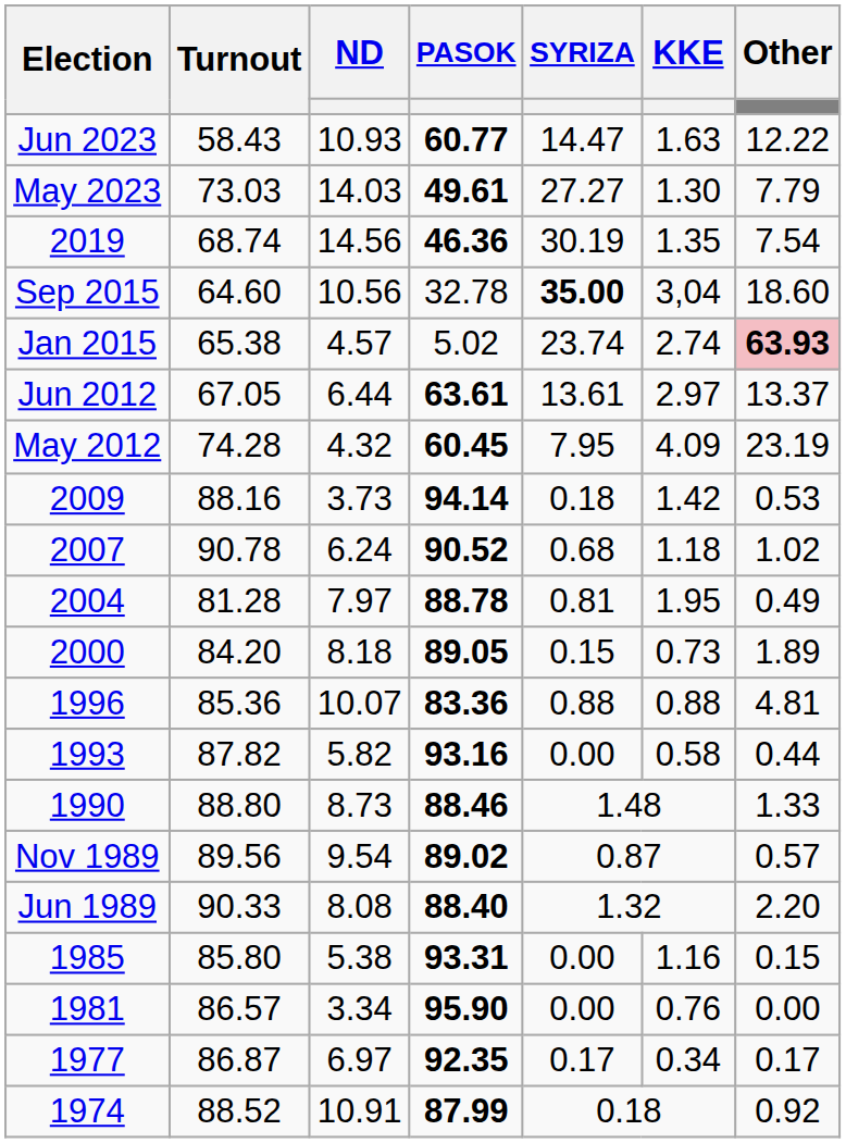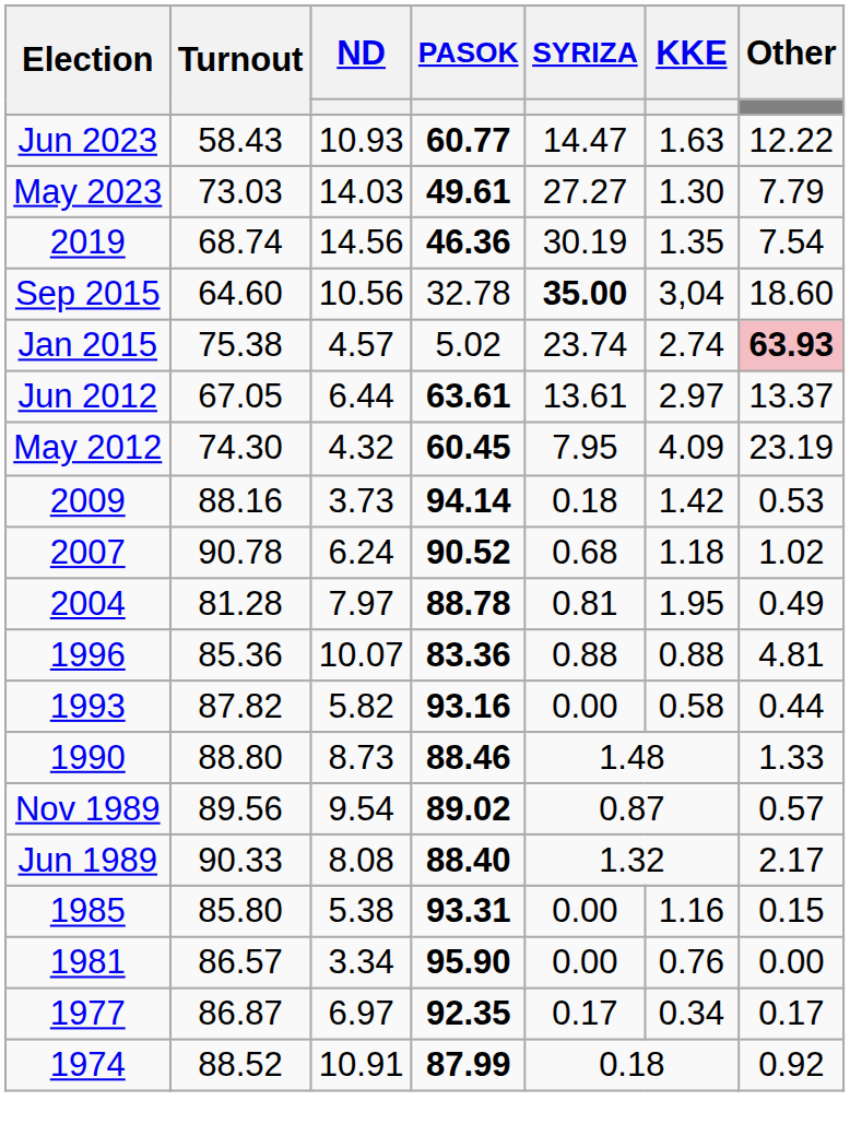 <table class="wikitable collapsible" style="text-align:center; font-size:95%; line-height:16px;">
 <tr style="height:42px;">
 <th rowspan="2">Election</th>
 <th rowspan="2" style="width:50px;">Turnout</th>
 <th style="width:35px;"><a href='#'>ND</a></th>
 <th style="width:35px; font-size:85%;"><a href='#'>PASOK</a></th>
 <th style="width:35px; font-size:85%;"><a href='#'>SYRIZA</a></th>
 <th style="width:35px;"><a href='#'>KKE</a></th>
 <th style="width:35px;">Other</th>
 </tr>
 <tr>
 <th style="color:inherit;background:"></th>
 <th style="color:inherit;background:"></th>
 <th style="color:inherit;background:"></th>
 <th style="color:inherit;background:"></th>
 <th style="color:inherit;background:Grey;"></th>
 </tr>
 <tr>
 <td><a href='#'>Jun 2023</a></td>
 <td>58.43</td>
 <td>10.93</td>
 <td><strong>60.77</strong></td>
 <td>14.47</td>
 <td>1.63</td>
 <td>12.22</td>
 </tr>
 <tr>
 <td><a href='#'>May 2023</a></td>
 <td>73.03</td>
 <td>14.03</td>
 <td><strong>49.61</strong></td>
 <td>27.27</td>
 <td>1.30</td>
 <td>7.79</td>
 </tr>
 <tr>
 <td><a href='#'>2019</a></td>
 <td>68.74</td>
 <td>14.56</td>
 <td><strong>46.36</strong></td>
 <td>30.19</td>
 <td>1.35</td>
 <td>7.54</td>
 </tr>
 <tr>
 <td><a href='#'>Sep 2015</a></td>
 <td>64.60</td>
 <td>10.56</td>
 <td>32.78</td>
 <td><strong>35.00</strong></td>
 <td>3,04</td>
 <td>18.60</td>
 </tr>
 <tr>
 <td><a href='#'>Jan 2015</a></td>
-<td>65.38</td>
+<td>75.38</td>
 <td>4.57</td>
 <td>5.02</td>
 <td>23.74</td>
 <td>2.74</td>
 <td style="background:#f4bec4;"><strong>63.93</strong></td>
 </tr>
 <tr>
 <td><a href='#'>Jun 2012</a></td>
 <td>67.05</td>
 <td>6.44</td>
 <td><strong>63.61</strong></td>
 <td>13.61</td>
 <td>2.97</td>
 <td>13.37</td>
 </tr>
 <tr>
 <td><a href='#'>May 2012</a></td>
-<td>74.28</td>
+<td>74.30</td>
 <td>4.32</td>
 <td><strong>60.45</strong></td>
 <td>7.95</td>
 <td>4.09</td>
 <td>23.19</td>
 </tr>
 <tr>
 <td><a href='#'>2009</a></td>
 <td>88.16</td>
 <td>3.73</td>
 <td><strong>94.14</strong></td>
 <td>0.18</td>
 <td>1.42</td>
 <td>0.53</td>
 </tr>
 <tr>
 <td><a href='#'>2007</a></td>
 <td>90.78</td>
 <td>6.24</td>
 <td><strong>90.52</strong></td>
 <td>0.68</td>
 <td>1.18</td>
 <td>1.02</td>
 </tr>
 <tr>
 <td><a href='#'>2004</a></td>
 <td>81.28</td>
 <td>7.97</td>
 <td><strong>88.78</strong></td>
 <td>0.81</td>
 <td>1.95</td>
 <td>0.49</td>
-</tr>
-<tr>
-<td><a href='#'>2000</a></td>
-<td>84.20</td>
-<td>8.18</td>
-<td><strong>89.05</strong></td>
-<td>0.15</td>
-<td>0.73</td>
-<td>1.89</td>
 </tr>
 <tr>
 <td><a href='#'>1996</a></td>
 <td>85.36</td>
 <td>10.07</td>
 <td><strong>83.36</strong></td>
 <td>0.88</td>
 <td>0.88</td>
 <td>4.81</td>
 </tr>
 <tr>
 <td><a href='#'>1993</a></td>
 <td>87.82</td>
 <td>5.82</td>
 <td><strong>93.16</strong></td>
 <td>0.00</td>
 <td>0.58</td>
 <td>0.44</td>
 </tr>
 <tr>
 <td><a href='#'>1990</a></td>
 <td>88.80</td>
 <td>8.73</td>
 <td><strong>88.46</strong></td>
 <td colspan="2">1.48</td>
 <td>1.33</td>
 </tr>
 <tr>
 <td><a href='#'>Nov 1989</a></td>
 <td>89.56</td>
 <td>9.54</td>
 <td><strong>89.02</strong></td>
 <td colspan="2">0.87</td>
 <td>0.57</td>
 </tr>
 <tr>
 <td><a href='#'>Jun 1989</a></td>
 <td>90.33</td>
 <td>8.08</td>
 <td><strong>88.40</strong></td>
 <td colspan="2">1.32</td>
-<td>2.20</td>
+<td>2.17</td>
 </tr>
 <tr>
 <td><a href='#'>1985</a></td>
 <td>85.80</td>
 <td>5.38</td>
 <td><strong>93.31</strong></td>
 <td>0.00</td>
 <td>1.16</td>
 <td>0.15</td>
 </tr>
 <tr>
 <td><a href='#'>1981</a></td>
 <td>86.57</td>
 <td>3.34</td>
 <td><strong>95.90</strong></td>
 <td>0.00</td>
 <td>0.76</td>
 <td>0.00</td>
 </tr>
 <tr>
 <td><a href='#'>1977</a></td>
 <td>86.87</td>
 <td>6.97</td>
 <td><strong>92.35</strong></td>
 <td>0.17</td>
 <td>0.34</td>
 <td>0.17</td>
 </tr>
 <tr>
 <td><a href='#'>1974</a></td>
 <td>88.52</td>
 <td>10.91</td>
 <td><strong>87.99</strong></td>
 <td colspan="2">0.18</td>
 <td>0.92</td>
 </tr>
 </table>
